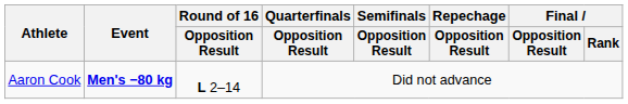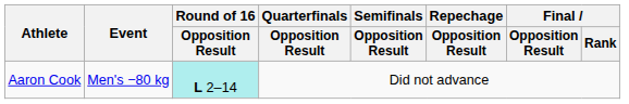 <table class="wikitable" style="font-size:90%">
 <tr>
 <th rowspan="2">Athlete</th>
 <th rowspan="2">Event</th>
 <th>Round of 16</th>
 <th>Quarterfinals</th>
 <th>Semifinals</th>
 <th>Repechage</th>
 <th colspan=2>Final / </th>
 </tr>
 <tr style="font-size:95%">
 <th>Opposition<br>Result</th>
 <th>Opposition<br>Result</th>
 <th>Opposition<br>Result</th>
 <th>Opposition<br>Result</th>
 <th>Opposition<br>Result</th>
 <th>Rank</th>
 </tr>
 <tr align=center>
 <td align=left><a href='#'>Aaron Cook</a></td>
-<td align=left><strong><a href='#'>Men's −80 kg</a></strong></td>
-<td><br><strong>L</strong> 2–14 </td>
+<td align=left><a href='#'>Men's −80 kg</a></td>
+<td style="background: paleturquoise;"><br><strong>L</strong> 2–14 </td>
 <td colspan=5>Did not advance</td>
 </tr>
 </table>
